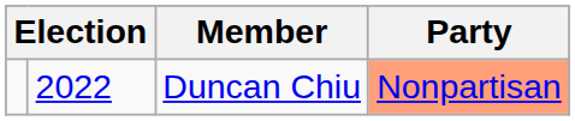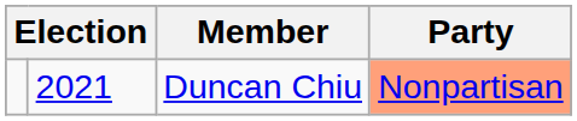 <table class="wikitable">
 <tr>
 <th colspan="2">Election</th>
 <th>Member</th>
 <th>Party</th>
 </tr>
 <tr>
 <td style="background-color: "></td>
-<td><a href='#'>2022</a></td>
+<td><a href='#'>2021</a></td>
 <td><a href='#'>Duncan Chiu</a></td>
 <td style="background: lightsalmon;"><a href='#'>Nonpartisan</a></td>
 </tr>
 </table>
